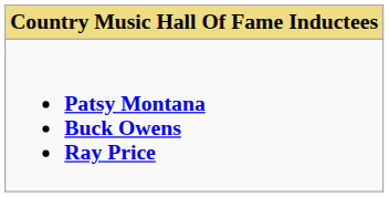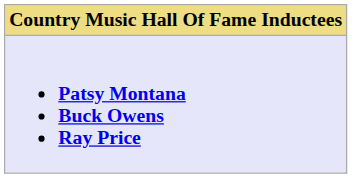 <table class="wikitable">
 <tr>
 <th style="background:#EEDD82; width=50%">Country Music Hall Of Fame Inductees</th>
 </tr>
 <tr>
-<td valign="top"><br><ul><li><strong><a href='#'>Patsy Montana</a></strong></li><li><strong><a href='#'>Buck Owens</a></strong></li><li><strong><a href='#'>Ray Price</a></strong></li></ul></td>
+<td valign="top" style="background: lavender;"><br><ul><li><strong><a href='#'>Patsy Montana</a></strong></li><li><strong><a href='#'>Buck Owens</a></strong></li><li><strong><a href='#'>Ray Price</a></strong></li></ul></td>
 </tr>
 </table>
